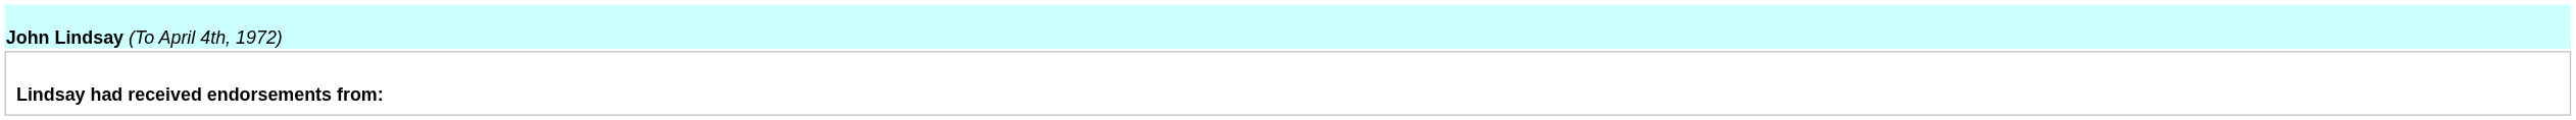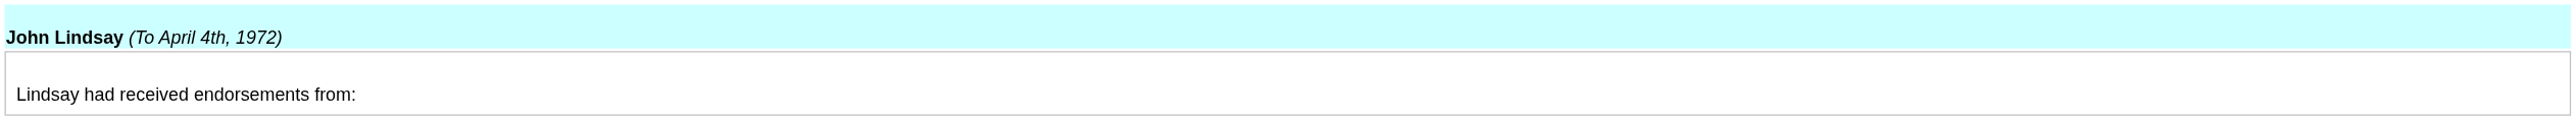 <table class="collapsible collapsed" style="width:100%;font-size:88%;text-align:left; border:0; margin-top:0.2em;">
 <tr>
 <th style="background:#cff; font-weight:normal;"><br><strong>John Lindsay</strong> <em>(To April 4th, 1972)</em></th>
 </tr>
 <tr>
-<td style="border:solid 1px silver; padding:8px; background:white;"><strong><br>Lindsay had received endorsements from:</strong></td>
+<td style="border:solid 1px silver; padding:8px; background:white;"><br>Lindsay had received endorsements from:</td>
 </tr>
 <tr>
 <td style="text-align:center;"></td>
 </tr>
 </table>
